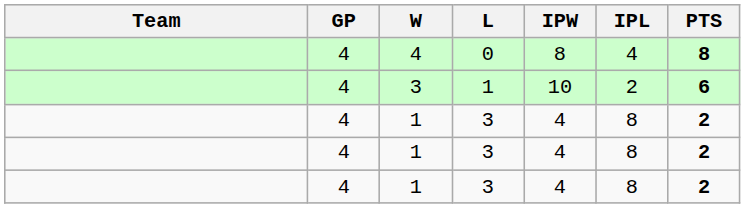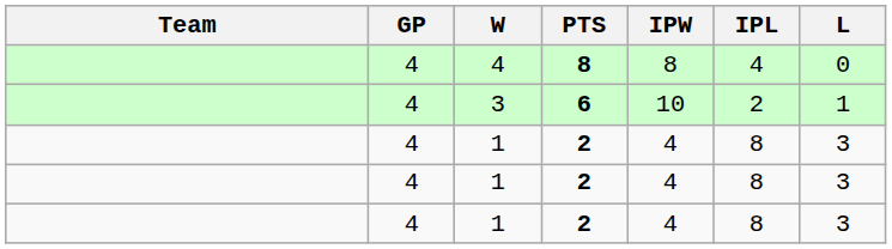 <table class="wikitable" style="text-align: center">
 <tr>
 <th style="width: 188px">Team</th>
 <th style="width: 40px">GP</th>
 <th style="width: 40px">W</th>
-<th style="width: 40px">L</th>
+<th style="width: 40px">PTS</th>
 <th style="width: 40px">IPW</th>
 <th style="width: 40px">IPL</th>
-<th style="width: 40px">PTS</th>
+<th style="width: 40px">L</th>
 </tr>
 <tr style="background: #ccffcc">
 <td style="text-align: left"></td>
 <td>4</td>
 <td>4</td>
-<td>0</td>
+<td><strong>8</strong></td>
 <td>8</td>
 <td>4</td>
-<td><strong>8</strong></td>
+<td>0</td>
 </tr>
 <tr style="background: #ccffcc">
 <td style="text-align: left"></td>
 <td>4</td>
 <td>3</td>
-<td>1</td>
+<td><strong>6</strong></td>
 <td>10</td>
 <td>2</td>
-<td><strong>6</strong></td>
+<td>1</td>
 </tr>
 <tr>
 <td style="text-align: left"></td>
 <td>4</td>
 <td>1</td>
-<td>3</td>
+<td><strong>2</strong></td>
 <td>4</td>
 <td>8</td>
-<td><strong>2</strong></td>
+<td>3</td>
 </tr>
 <tr>
 <td style="text-align: left"></td>
 <td>4</td>
 <td>1</td>
-<td>3</td>
+<td><strong>2</strong></td>
 <td>4</td>
 <td>8</td>
-<td><strong>2</strong></td>
+<td>3</td>
 </tr>
 <tr>
 <td style="text-align: left"></td>
 <td>4</td>
 <td>1</td>
-<td>3</td>
+<td><strong>2</strong></td>
 <td>4</td>
 <td>8</td>
-<td><strong>2</strong></td>
+<td>3</td>
 </tr>
 </table>
